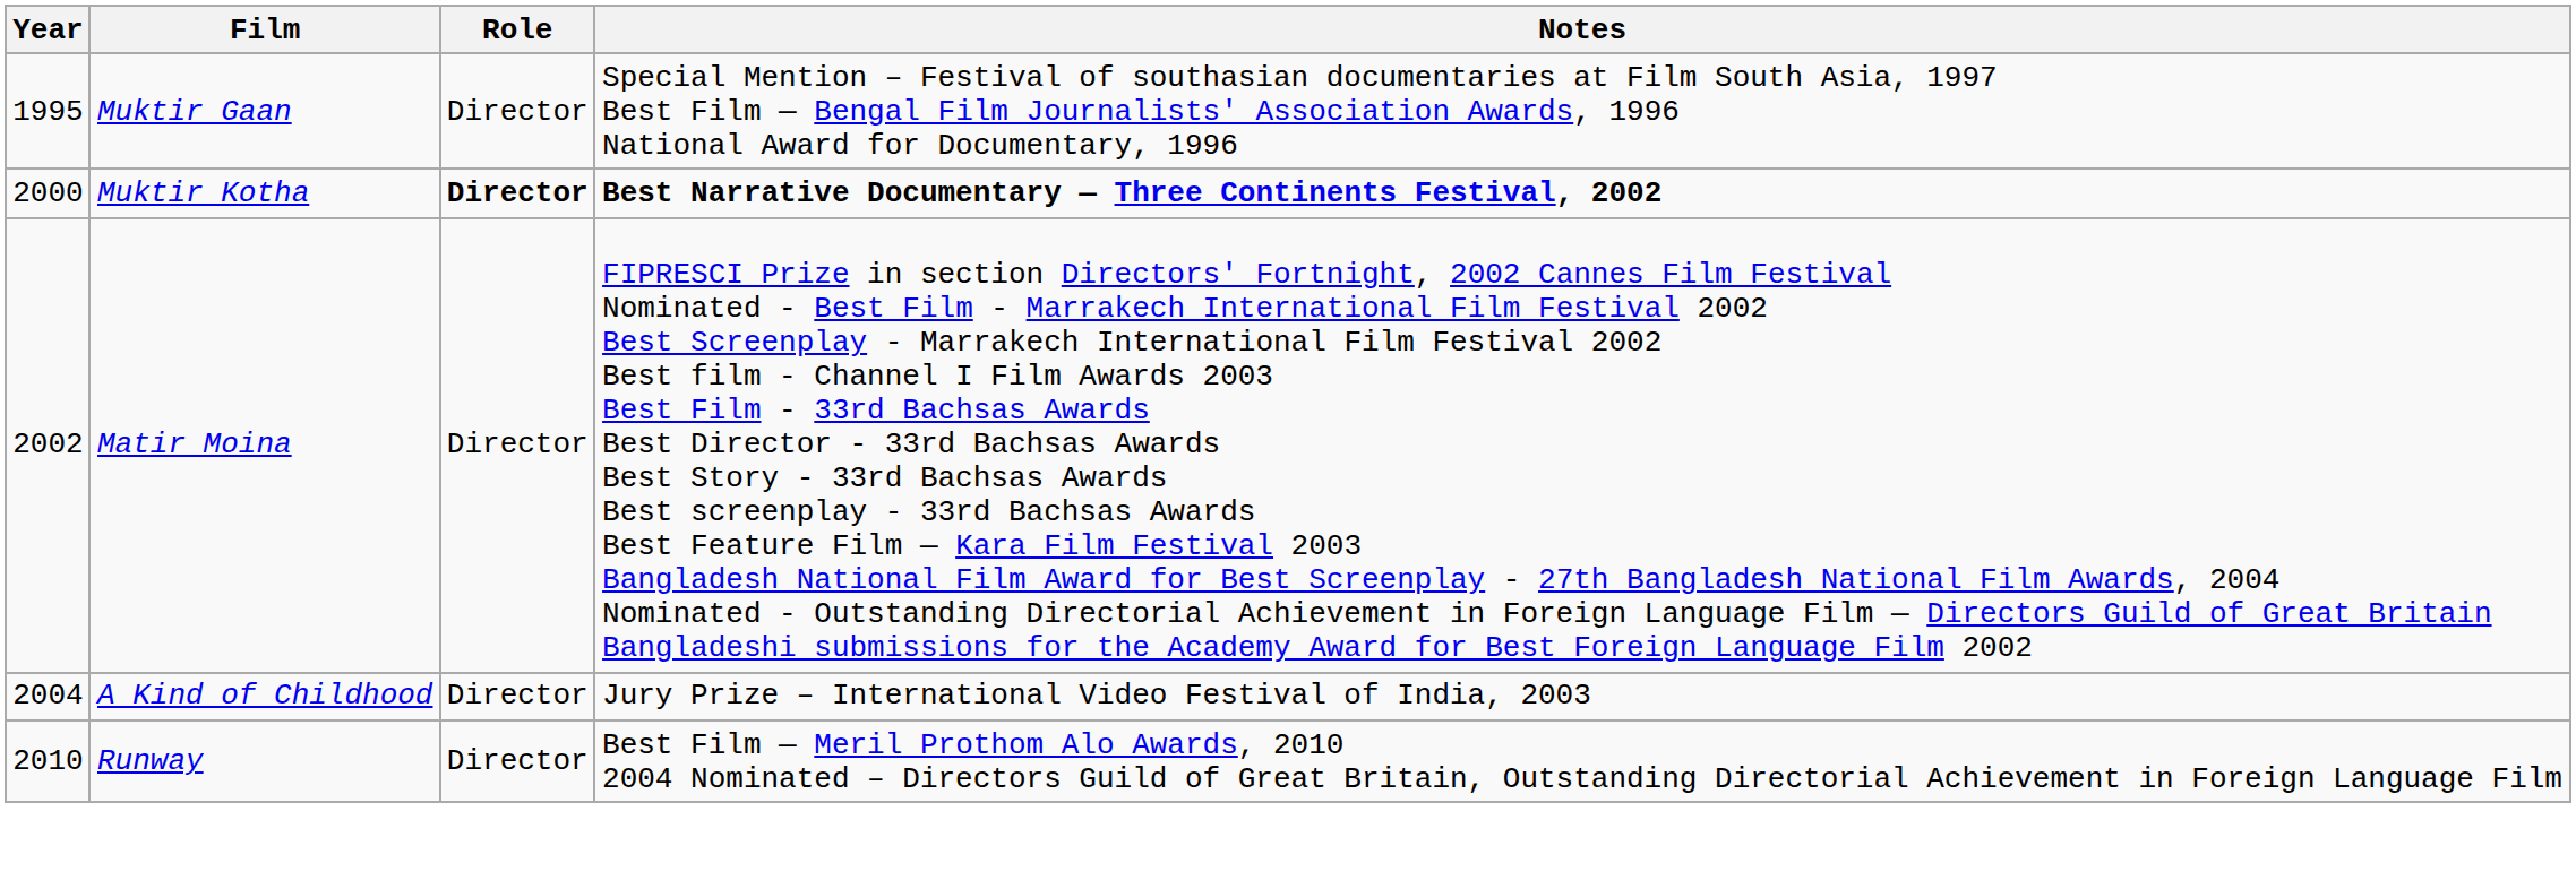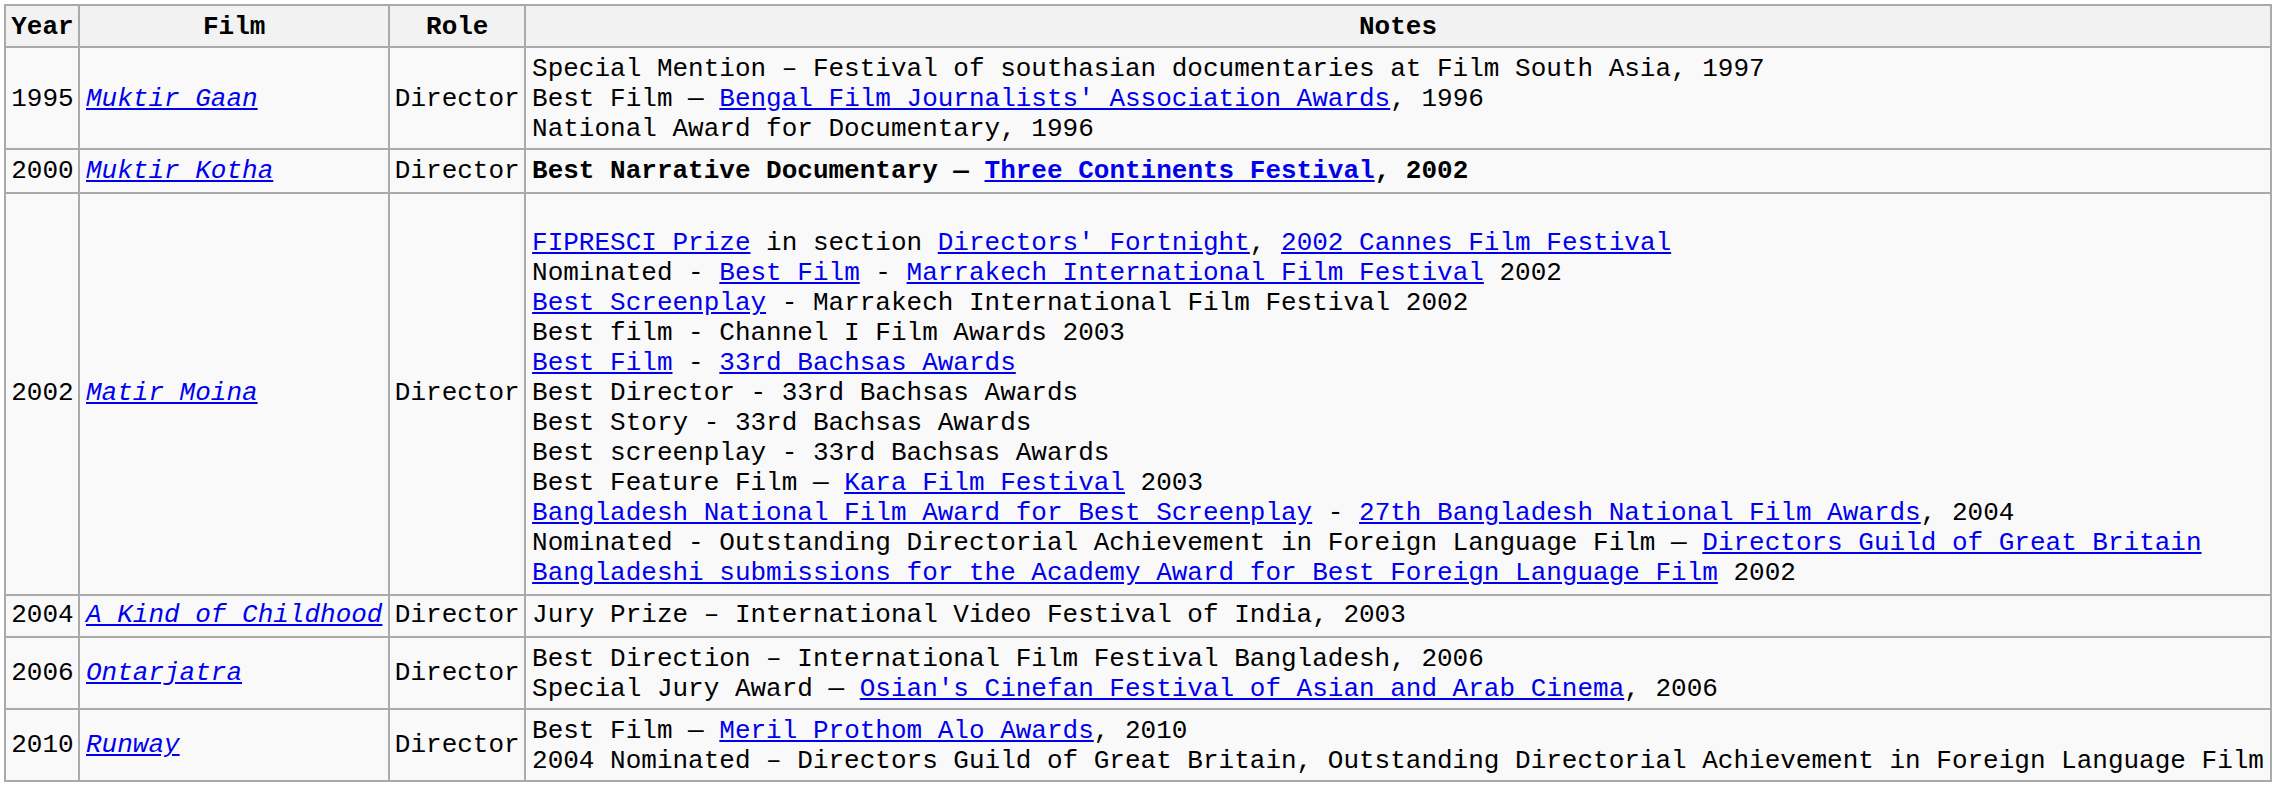 <table class="wikitable">
 <tr style="background:#B0C4DE;">
 <th>Year</th>
 <th>Film</th>
 <th>Role</th>
 <th>Notes</th>
 </tr>
 <tr>
 <td style="text-align:center;">1995</td>
 <td><em><a href='#'>Muktir Gaan</a></em></td>
 <td>Director</td>
 <td>Special Mention – Festival of southasian documentaries at Film South Asia, 1997<br> Best Film — <a href='#'>Bengal Film Journalists' Association Awards</a>, 1996 <br> National Award for Documentary, 1996</td>
 </tr>
 <tr>
 <td style="text-align:center;">2000</td>
 <td><em><a href='#'>Muktir Kotha</a></em></td>
-<td><strong>Director</strong></td>
+<td>Director</td>
 <td><strong>Best Narrative Documentary — <a href='#'>Three Continents Festival</a>, 2002</strong></td>
 </tr>
 <tr>
 <td style="text-align:center;">2002</td>
 <td><em><a href='#'>Matir Moina</a></em></td>
 <td>Director</td>
 <td><br><a href='#'>FIPRESCI Prize</a> in section <a href='#'>Directors' Fortnight</a>, <a href='#'>2002 Cannes Film Festival</a><br> Nominated - <a href='#'>Best Film</a> - <a href='#'>Marrakech International Film Festival</a> 2002<br> <a href='#'>Best Screenplay</a> - Marrakech International Film Festival 2002<br> Best film - Channel I Film Awards 2003<br> <a href='#'>Best Film</a> - <a href='#'>33rd Bachsas Awards</a><br> Best Director - 33rd Bachsas Awards<br> Best Story - 33rd Bachsas Awards<br> Best screenplay - 33rd Bachsas Awards<br> Best Feature Film — <a href='#'>Kara Film Festival</a> 2003<br> <a href='#'>Bangladesh National Film Award for Best Screenplay</a> - <a href='#'>27th Bangladesh National Film Awards</a>, 2004<br> Nominated - Outstanding Directorial Achievement in Foreign Language Film — <a href='#'>Directors Guild of Great Britain</a><br> <a href='#'>Bangladeshi submissions for the Academy Award for Best Foreign Language Film</a> 2002</td>
 </tr>
 <tr>
 <td style="text-align:center;">2004</td>
 <td><em><a href='#'>A Kind of Childhood</a></em></td>
 <td>Director</td>
 <td>Jury Prize – International Video Festival of India, 2003</td>
 </tr>
 <tr>
+<td style="text-align:center;">2006</td>
+<td><em><a href='#'>Ontarjatra</a></em></td>
+<td>Director</td>
+<td>Best Direction – International Film Festival Bangladesh, 2006 <br> Special Jury Award — <a href='#'>Osian's Cinefan Festival of Asian and Arab Cinema</a>, 2006</td>
+</tr>
+<tr>
 <td style="text-align:center;">2010</td>
 <td><em><a href='#'>Runway</a></em></td>
 <td>Director</td>
 <td>Best Film — <a href='#'>Meril Prothom Alo Awards</a>, 2010 <br> 2004 Nominated – Directors Guild of Great Britain, Outstanding Directorial Achievement in Foreign Language Film</td>
 </tr>
 </table>
